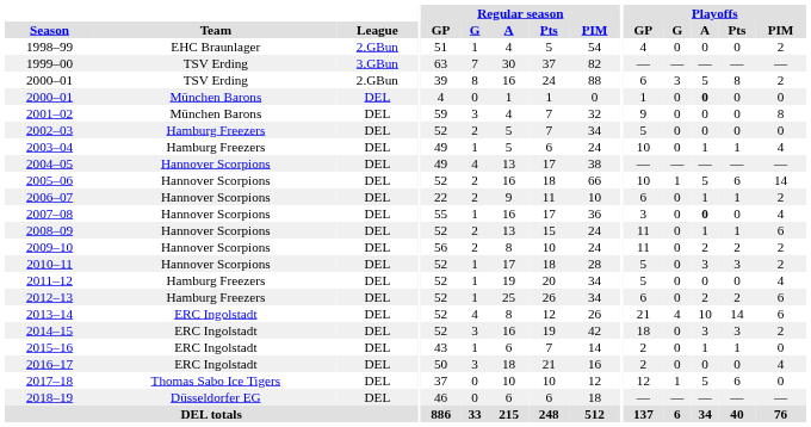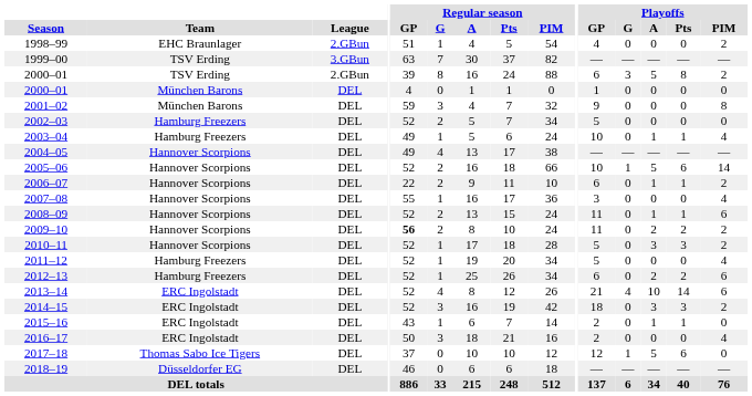 <table border="0" cellpadding="1" cellspacing="0" style="text-align:center; width:60em">
 <tr bgcolor="#e0e0e0">
 <th colspan="3" bgcolor="#ffffff"></th>
 <th rowspan="99" bgcolor="#ffffff"></th>
 <th colspan="5"><a href='#'>Regular season</a></th>
 <th rowspan="99" bgcolor="#ffffff"></th>
 <th colspan="5"><a href='#'>Playoffs</a></th>
 </tr>
 <tr bgcolor="#e0e0e0">
 <th><a href='#'>Season</a></th>
 <th>Team</th>
 <th>League</th>
 <th>GP</th>
 <th><a href='#'>G</a></th>
 <th><a href='#'>A</a></th>
 <th><a href='#'>Pts</a></th>
 <th><a href='#'>PIM</a></th>
 <th>GP</th>
 <th>G</th>
 <th>A</th>
 <th>Pts</th>
 <th>PIM</th>
 </tr>
 <tr ALIGN="center">
 <td>1998–99</td>
 <td>EHC Braunlager</td>
 <td><a href='#'>2.GBun</a></td>
 <td>51</td>
 <td>1</td>
 <td>4</td>
 <td>5</td>
 <td>54</td>
 <td>4</td>
 <td>0</td>
 <td>0</td>
 <td>0</td>
 <td>2</td>
 </tr>
 <tr ALIGN="center" bgcolor="#f0f0f0">
 <td>1999–00</td>
 <td>TSV Erding</td>
 <td><a href='#'>3.GBun</a></td>
 <td>63</td>
 <td>7</td>
 <td>30</td>
 <td>37</td>
 <td>82</td>
 <td>—</td>
 <td>—</td>
 <td>—</td>
 <td>—</td>
 <td>—</td>
 </tr>
 <tr ALIGN="center">
 <td>2000–01</td>
 <td>TSV Erding</td>
 <td>2.GBun</td>
 <td>39</td>
 <td>8</td>
 <td>16</td>
 <td>24</td>
 <td>88</td>
 <td>6</td>
 <td>3</td>
 <td>5</td>
 <td>8</td>
 <td>2</td>
 </tr>
 <tr ALIGN="center" bgcolor="#f0f0f0">
 <td><a href='#'>2000–01</a></td>
 <td><a href='#'>München Barons</a></td>
 <td><a href='#'>DEL</a></td>
 <td>4</td>
 <td>0</td>
 <td>1</td>
 <td>1</td>
 <td>0</td>
 <td>1</td>
 <td>0</td>
-<td><strong>0</strong></td>
+<td>0</td>
 <td>0</td>
 <td>0</td>
 </tr>
 <tr ALIGN="center">
 <td><a href='#'>2001–02</a></td>
 <td>München Barons</td>
 <td>DEL</td>
 <td>59</td>
 <td>3</td>
 <td>4</td>
 <td>7</td>
 <td>32</td>
 <td>9</td>
 <td>0</td>
 <td>0</td>
 <td>0</td>
 <td>8</td>
 </tr>
 <tr ALIGN="center" bgcolor="#f0f0f0">
 <td><a href='#'>2002–03</a></td>
 <td><a href='#'>Hamburg Freezers</a></td>
 <td>DEL</td>
 <td>52</td>
 <td>2</td>
 <td>5</td>
 <td>7</td>
 <td>34</td>
 <td>5</td>
 <td>0</td>
 <td>0</td>
 <td>0</td>
 <td>0</td>
 </tr>
 <tr ALIGN="center">
 <td><a href='#'>2003–04</a></td>
 <td>Hamburg Freezers</td>
 <td>DEL</td>
 <td>49</td>
 <td>1</td>
 <td>5</td>
 <td>6</td>
 <td>24</td>
 <td>10</td>
 <td>0</td>
 <td>1</td>
 <td>1</td>
 <td>4</td>
 </tr>
 <tr ALIGN="center" bgcolor="#f0f0f0">
 <td><a href='#'>2004–05</a></td>
 <td><a href='#'>Hannover Scorpions</a></td>
 <td>DEL</td>
 <td>49</td>
 <td>4</td>
 <td>13</td>
 <td>17</td>
 <td>38</td>
 <td>—</td>
 <td>—</td>
 <td>—</td>
 <td>—</td>
 <td>—</td>
 </tr>
 <tr ALIGN="center">
 <td><a href='#'>2005–06</a></td>
 <td>Hannover Scorpions</td>
 <td>DEL</td>
 <td>52</td>
 <td>2</td>
 <td>16</td>
 <td>18</td>
 <td>66</td>
 <td>10</td>
 <td>1</td>
 <td>5</td>
 <td>6</td>
 <td>14</td>
 </tr>
 <tr ALIGN="center" bgcolor="#f0f0f0">
 <td><a href='#'>2006–07</a></td>
 <td>Hannover Scorpions</td>
 <td>DEL</td>
 <td>22</td>
 <td>2</td>
 <td>9</td>
 <td>11</td>
 <td>10</td>
 <td>6</td>
 <td>0</td>
 <td>1</td>
 <td>1</td>
 <td>2</td>
 </tr>
 <tr ALIGN="center">
 <td><a href='#'>2007–08</a></td>
 <td>Hannover Scorpions</td>
 <td>DEL</td>
 <td>55</td>
 <td>1</td>
 <td>16</td>
 <td>17</td>
 <td>36</td>
 <td>3</td>
 <td>0</td>
-<td><strong>0</strong></td>
+<td>0</td>
 <td>0</td>
 <td>4</td>
 </tr>
 <tr ALIGN="center" bgcolor="#f0f0f0">
 <td><a href='#'>2008–09</a></td>
 <td>Hannover Scorpions</td>
 <td>DEL</td>
 <td>52</td>
 <td>2</td>
 <td>13</td>
 <td>15</td>
 <td>24</td>
 <td>11</td>
 <td>0</td>
 <td>1</td>
 <td>1</td>
 <td>6</td>
 </tr>
 <tr ALIGN="center">
 <td><a href='#'>2009–10</a></td>
 <td>Hannover Scorpions</td>
 <td>DEL</td>
-<td>56</td>
+<td><strong>56</strong></td>
 <td>2</td>
 <td>8</td>
 <td>10</td>
 <td>24</td>
 <td>11</td>
 <td>0</td>
 <td>2</td>
 <td>2</td>
 <td>2</td>
 </tr>
 <tr ALIGN="center" bgcolor="#f0f0f0">
 <td><a href='#'>2010–11</a></td>
 <td>Hannover Scorpions</td>
 <td>DEL</td>
 <td>52</td>
 <td>1</td>
 <td>17</td>
 <td>18</td>
 <td>28</td>
 <td>5</td>
 <td>0</td>
 <td>3</td>
 <td>3</td>
 <td>2</td>
 </tr>
 <tr ALIGN="center">
 <td><a href='#'>2011–12</a></td>
 <td>Hamburg Freezers</td>
 <td>DEL</td>
 <td>52</td>
 <td>1</td>
 <td>19</td>
 <td>20</td>
 <td>34</td>
 <td>5</td>
 <td>0</td>
 <td>0</td>
 <td>0</td>
 <td>4</td>
 </tr>
 <tr ALIGN="center" bgcolor="#f0f0f0">
 <td><a href='#'>2012–13</a></td>
 <td>Hamburg Freezers</td>
 <td>DEL</td>
 <td>52</td>
 <td>1</td>
 <td>25</td>
 <td>26</td>
 <td>34</td>
 <td>6</td>
 <td>0</td>
 <td>2</td>
 <td>2</td>
 <td>6</td>
 </tr>
 <tr ALIGN="center">
 <td><a href='#'>2013–14</a></td>
 <td><a href='#'>ERC Ingolstadt</a></td>
 <td>DEL</td>
 <td>52</td>
 <td>4</td>
 <td>8</td>
 <td>12</td>
 <td>26</td>
 <td>21</td>
 <td>4</td>
 <td>10</td>
 <td>14</td>
 <td>6</td>
 </tr>
 <tr ALIGN="center" bgcolor="#f0f0f0">
 <td><a href='#'>2014–15</a></td>
 <td>ERC Ingolstadt</td>
 <td>DEL</td>
 <td>52</td>
 <td>3</td>
 <td>16</td>
 <td>19</td>
 <td>42</td>
 <td>18</td>
 <td>0</td>
 <td>3</td>
 <td>3</td>
 <td>2</td>
 </tr>
 <tr ALIGN="center">
 <td><a href='#'>2015–16</a></td>
 <td>ERC Ingolstadt</td>
 <td>DEL</td>
 <td>43</td>
 <td>1</td>
 <td>6</td>
 <td>7</td>
 <td>14</td>
 <td>2</td>
 <td>0</td>
 <td>1</td>
 <td>1</td>
 <td>0</td>
 </tr>
 <tr ALIGN="center" bgcolor="#f0f0f0">
 <td><a href='#'>2016–17</a></td>
 <td>ERC Ingolstadt</td>
 <td>DEL</td>
 <td>50</td>
 <td>3</td>
 <td>18</td>
 <td>21</td>
 <td>16</td>
 <td>2</td>
 <td>0</td>
 <td>0</td>
 <td>0</td>
 <td>4</td>
 </tr>
 <tr ALIGN="center">
 <td><a href='#'>2017–18</a></td>
 <td><a href='#'>Thomas Sabo Ice Tigers</a></td>
 <td>DEL</td>
 <td>37</td>
 <td>0</td>
 <td>10</td>
 <td>10</td>
 <td>12</td>
 <td>12</td>
 <td>1</td>
 <td>5</td>
 <td>6</td>
 <td>0</td>
 </tr>
 <tr ALIGN="center" bgcolor="#f0f0f0">
 <td><a href='#'>2018–19</a></td>
 <td><a href='#'>Düsseldorfer EG</a></td>
 <td>DEL</td>
 <td>46</td>
 <td>0</td>
 <td>6</td>
 <td>6</td>
 <td>18</td>
 <td>—</td>
 <td>—</td>
 <td>—</td>
 <td>—</td>
 <td>—</td>
 </tr>
 <tr bgcolor="#e0e0e0">
 <th colspan="3">DEL totals</th>
 <th>886</th>
 <th>33</th>
 <th>215</th>
 <th>248</th>
 <th>512</th>
 <th>137</th>
 <th>6</th>
 <th>34</th>
 <th>40</th>
 <th>76</th>
 </tr>
 </table>
